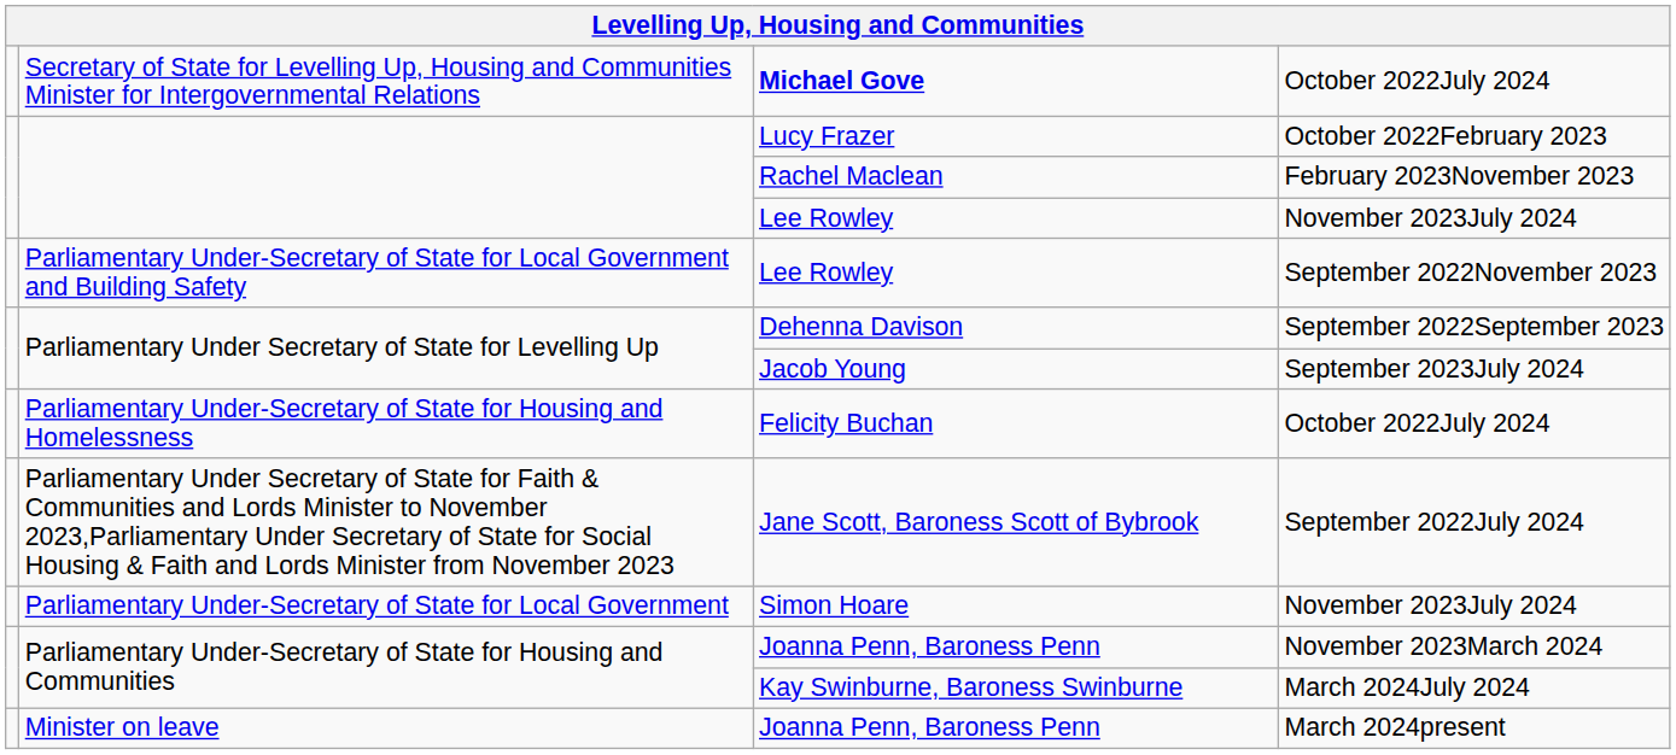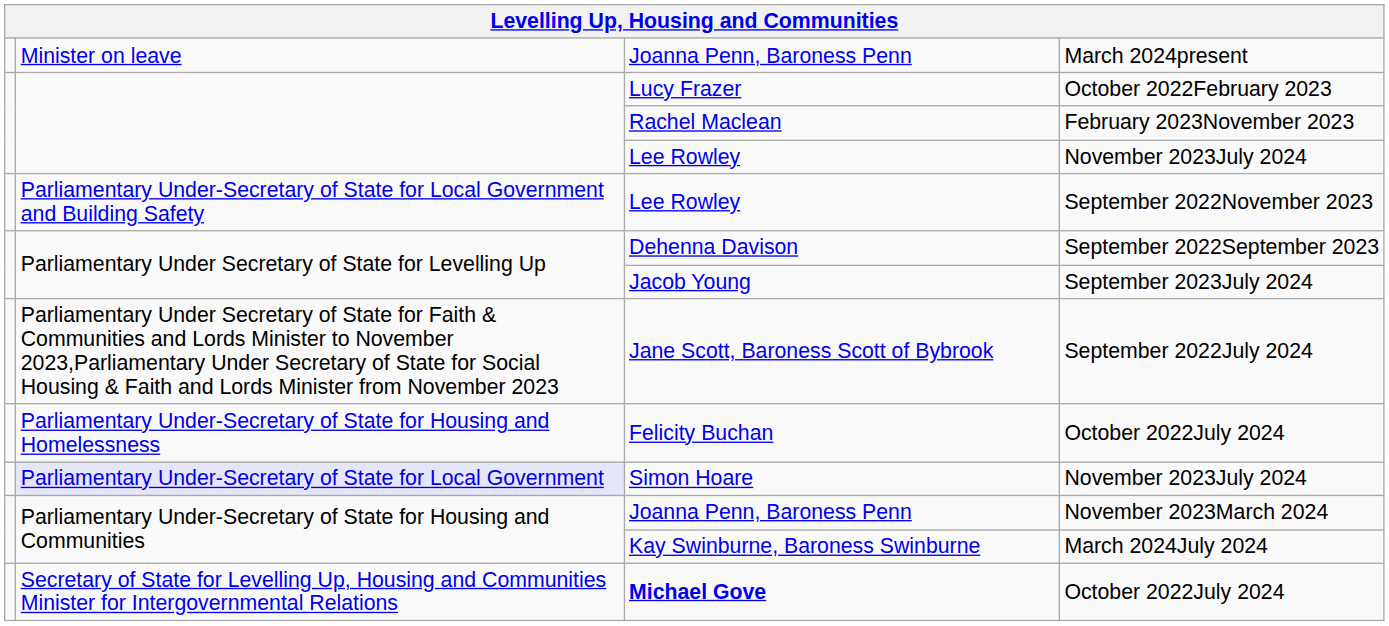 <table class="wikitable">
 <tr>
 <th colspan="4"><a href='#'>Levelling Up, Housing and Communities</a></th>
 </tr>
 <tr>
-<td style="width: 1px; background: "></td>
-<td style="width: 450px;"><a href='#'>Secretary of State for Levelling Up, Housing and Communities</a><br><a href='#'>Minister for Intergovernmental Relations</a></td>
-<td style="width: 320px;"><strong><a href='#'>Michael Gove</a></strong></td>
-<td>October 2022July 2024</td>
+<td rowspan="1" style="width: 1px; background: "></td>
+<td><a href='#'>Minister on leave</a></td>
+<td><a href='#'>Joanna Penn, Baroness Penn</a></td>
+<td>March 2024present</td>
 </tr>
 <tr>
 <td rowspan="3" style="width: 1px; background: "></td>
 <td rowspan="3"></td>
 <td><a href='#'>Lucy Frazer</a></td>
 <td>October 2022February 2023</td>
 </tr>
 <tr>
 <td><a href='#'>Rachel Maclean</a></td>
 <td>February 2023November 2023</td>
 </tr>
 <tr>
 <td><a href='#'>Lee Rowley</a></td>
 <td>November 2023July 2024</td>
 </tr>
 <tr>
 <td rowspan="1" style="width: 1px; background: "></td>
 <td><a href='#'>Parliamentary Under-Secretary of State for Local Government and Building Safety</a></td>
 <td><a href='#'>Lee Rowley</a></td>
 <td>September 2022November 2023</td>
 </tr>
 <tr>
 <td rowspan="2" style="width: 1px; background: "></td>
 <td rowspan="2">Parliamentary Under Secretary of State for Levelling Up</td>
 <td><a href='#'>Dehenna Davison</a></td>
 <td>September 2022September 2023</td>
 </tr>
 <tr>
 <td><a href='#'>Jacob Young</a></td>
 <td>September 2023July 2024</td>
 </tr>
 <tr>
-<td rowspan="1" style="width: 1px; background: "></td>
-<td><a href='#'>Parliamentary Under-Secretary of State for Housing and Homelessness</a></td>
-<td><a href='#'>Felicity Buchan</a></td>
-<td>October 2022July 2024</td>
-</tr>
-<tr>
 <td style="width: 1px; background: "></td>
 <td rowspan="1">Parliamentary Under Secretary of State for Faith & Communities and Lords Minister to November 2023,Parliamentary Under Secretary of State for Social Housing & Faith and Lords Minister from November 2023</td>
 <td><a href='#'>Jane Scott, Baroness Scott of Bybrook</a></td>
 <td>September 2022July 2024</td>
 </tr>
 <tr>
 <td rowspan="1" style="width: 1px; background: "></td>
-<td><a href='#'>Parliamentary Under-Secretary of State for Local Government</a></td>
+<td><a href='#'>Parliamentary Under-Secretary of State for Housing and Homelessness</a></td>
+<td><a href='#'>Felicity Buchan</a></td>
+<td>October 2022July 2024</td>
+</tr>
+<tr>
+<td rowspan="1" style="width: 1px; background: "></td>
+<td style="background: lavender;"><a href='#'>Parliamentary Under-Secretary of State for Local Government</a></td>
 <td><a href='#'>Simon Hoare</a></td>
 <td>November 2023July 2024</td>
 </tr>
 <tr>
 <td rowspan="2" style="width: 1px; background: "></td>
 <td rowspan="2">Parliamentary Under-Secretary of State for Housing and Communities</td>
 <td><a href='#'>Joanna Penn, Baroness Penn</a></td>
 <td>November 2023March 2024</td>
 </tr>
 <tr>
 <td><a href='#'>Kay Swinburne, Baroness Swinburne</a> </td>
 <td>March 2024July 2024</td>
 </tr>
 <tr>
-<td rowspan="1" style="width: 1px; background: "></td>
-<td><a href='#'>Minister on leave</a></td>
-<td><a href='#'>Joanna Penn, Baroness Penn</a></td>
-<td>March 2024present</td>
+<td style="width: 1px; background: "></td>
+<td style="width: 450px;"><a href='#'>Secretary of State for Levelling Up, Housing and Communities</a><br><a href='#'>Minister for Intergovernmental Relations</a></td>
+<td style="width: 320px;"><strong><a href='#'>Michael Gove</a></strong></td>
+<td>October 2022July 2024</td>
 </tr>
 </table>
